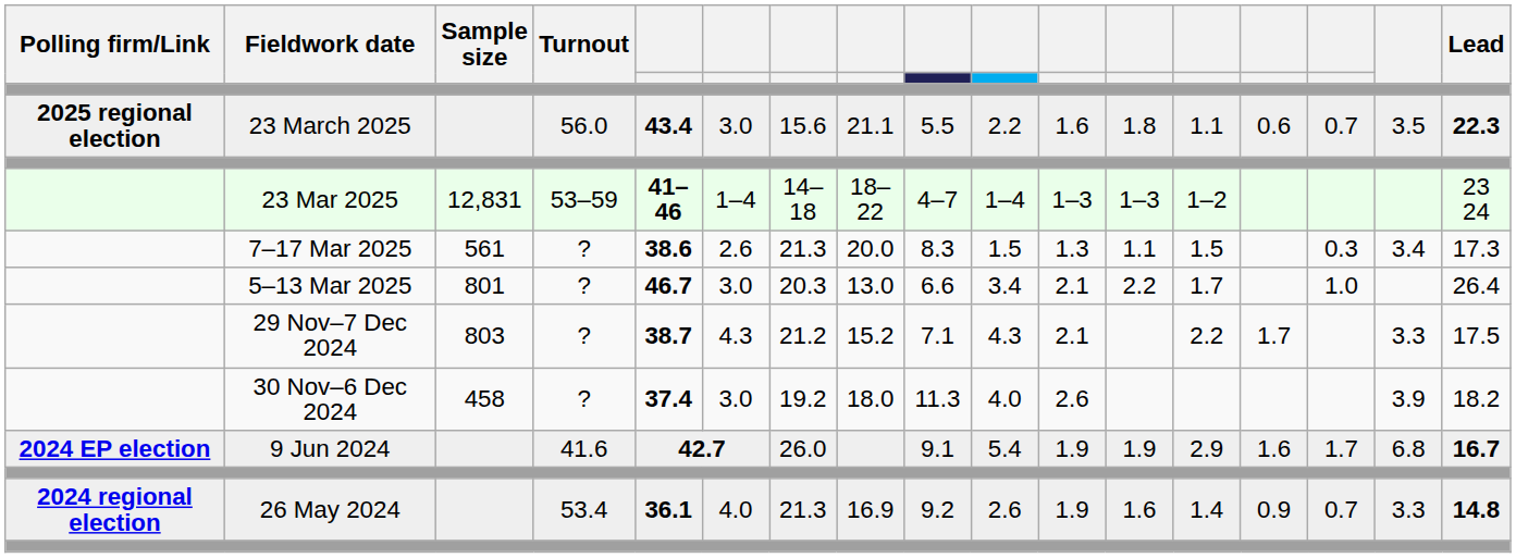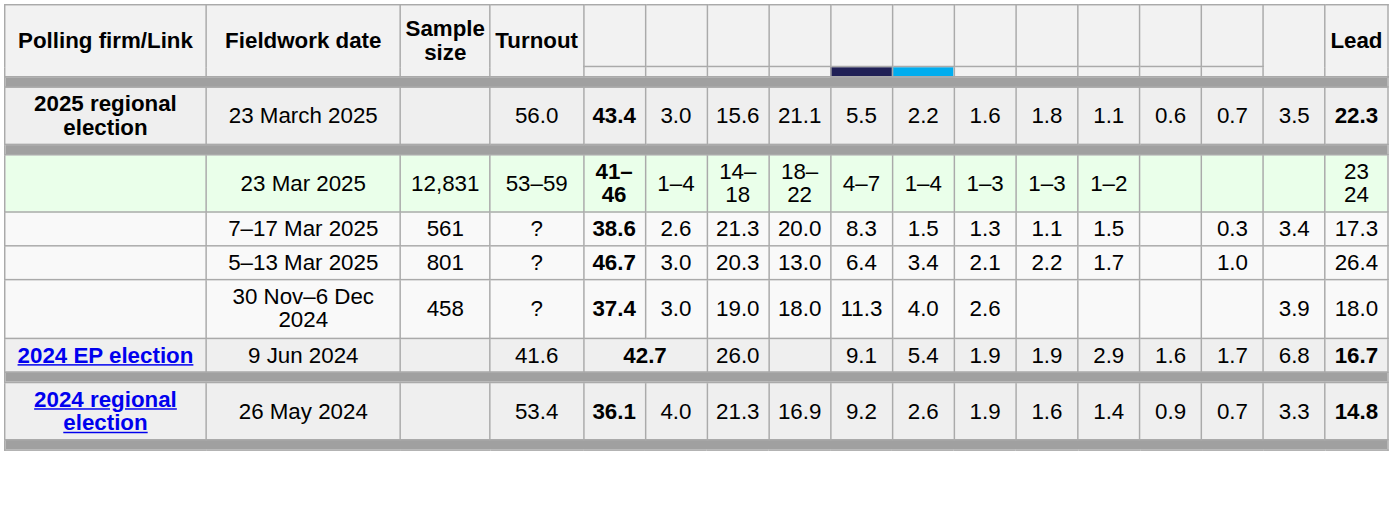 <table class="wikitable collapsible sortable" style="text-align:center; font-size:95%; line-height:16px;">
 <tr style="height:42px;">
 <th rowspan="2" style="width:130px;">Polling firm/Link</th>
 <th rowspan="2" style="width:125px;">Fieldwork date</th>
 <th rowspan="2" class="unsortable" style="width:50px;">Sample size</th>
 <th rowspan="2" class="unsortable" style="width:45px;">Turnout</th>
 <th class="unsortable" style="width:35px;"></th>
 <th class="unsortable" style="width:35px;"></th>
 <th class="unsortable" style="width:35px;"></th>
 <th class="unsortable" style="width:35px;"></th>
 <th class="unsortable" style="width:35px;"></th>
 <th class="unsortable" style="width:35px;"></th>
 <th class="unsortable" style="width:35px;"></th>
 <th class="unsortable" style="width:35px;"></th>
 <th class="unsortable" style="width:35px;"></th>
 <th class="unsortable" style="width:35px;"></th>
 <th class="unsortable" style="width:35px;"></th>
 <th rowspan="2" class="unsortable" style="width:35px;"></th>
 <th rowspan="2" class="unsortable" style="width:30px;">Lead</th>
 </tr>
 <tr>
 <th class="unsortable" style="background:"></th>
 <th class="unsortable" style="background:"></th>
 <th class="unsortable" style="background:"></th>
 <th class="unsortable" style="background:"></th>
 <th class="unsortable" style="background:#202056;"></th>
 <th class="unsortable" style="background:#00ADEF;"></th>
 <th class="unsortable" style="background:"></th>
 <th class="unsortable" style="background:"></th>
 <th class="unsortable" style="background:"></th>
 <th class="unsortable" style="background:"></th>
 <th class="unsortable" style="background:"></th>
 </tr>
 <tr>
 </tr>
 <tr>
 <td colspan="17" style="background:#A0A0A0"></td>
 </tr>
 <tr style="background:#EFEFEF;">
 <td><strong>2025 regional election</strong></td>
 <td data-sort-value="2024-05-26">23 March 2025</td>
 <td></td>
 <td>56.0</td>
 <td><strong>43.4</strong><br></td>
 <td>3.0<br></td>
 <td>15.6<br></td>
 <td>21.1<br></td>
 <td>5.5<br></td>
 <td>2.2<br></td>
 <td>1.6<br></td>
 <td>1.8<br></td>
 <td>1.1<br></td>
 <td>0.6<br></td>
 <td>0.7<br></td>
 <td>3.5<br></td>
 <td style="background:"><strong>22.3</strong></td>
 </tr>
 <tr>
 <td colspan="17" style="background:#A0A0A0"></td>
 </tr>
 <tr style="background:#EAFFEA">
 <td></td>
 <td>23 Mar 2025</td>
 <td>12,831</td>
 <td>53–59</td>
 <td><strong>41–46</strong><br></td>
 <td>1–4<br></td>
 <td>14–18<br></td>
 <td>18–22<br></td>
 <td>4–7<br></td>
 <td>1–4<br></td>
 <td>1–3<br></td>
 <td>1–3<br></td>
 <td>1–2<br></td>
 <td></td>
 <td></td>
 <td></td>
 <td style="background:">23<br>24</td>
 </tr>
 <tr>
 <td></td>
 <td>7–17 Mar 2025</td>
 <td>561</td>
 <td>?</td>
 <td><strong>38.6</strong><br></td>
 <td>2.6<br></td>
 <td>21.3<br></td>
 <td>20.0<br></td>
 <td>8.3<br></td>
 <td>1.5<br></td>
 <td>1.3<br></td>
 <td>1.1<br></td>
 <td>1.5<br></td>
 <td></td>
 <td>0.3<br></td>
 <td>3.4<br></td>
 <td style="background:">17.3</td>
 </tr>
 <tr>
 <td></td>
 <td>5–13 Mar 2025</td>
 <td>801</td>
 <td>?</td>
 <td><strong>46.7</strong><br></td>
 <td>3.0<br></td>
 <td>20.3<br></td>
 <td>13.0<br></td>
-<td>6.6<br></td>
+<td>6.4<br></td>
 <td>3.4<br></td>
 <td>2.1<br></td>
 <td>2.2<br></td>
 <td>1.7<br></td>
 <td></td>
 <td>1.0<br></td>
 <td></td>
 <td style="background:">26.4</td>
 </tr>
 <tr>
 <td></td>
-<td>29 Nov–7 Dec 2024</td>
-<td>803</td>
-<td>?</td>
-<td><strong>38.7</strong><br></td>
-<td>4.3<br></td>
-<td>21.2<br></td>
-<td>15.2<br></td>
-<td>7.1<br></td>
-<td>4.3<br></td>
-<td>2.1<br></td>
-<td></td>
-<td>2.2<br></td>
-<td>1.7<br></td>
-<td></td>
-<td>3.3<br></td>
-<td style="background:">17.5</td>
-</tr>
-<tr>
-<td></td>
 <td>30 Nov–6 Dec 2024</td>
 <td>458</td>
 <td>?</td>
 <td><strong>37.4</strong><br></td>
 <td>3.0<br></td>
-<td>19.2<br></td>
+<td>19.0<br></td>
 <td>18.0<br></td>
 <td>11.3<br></td>
 <td>4.0<br></td>
 <td>2.6<br></td>
 <td></td>
 <td></td>
 <td></td>
 <td></td>
 <td>3.9<br></td>
-<td style="background:">18.2</td>
+<td style="background:">18.0</td>
 </tr>
 <tr style="background:#EFEFEF;">
 <td><a href='#'><strong>2024 EP election</strong></a></td>
 <td>9 Jun 2024</td>
 <td></td>
 <td>41.6</td>
 <td colspan="2" ><strong>42.7</strong><br></td>
 <td>26.0<br></td>
 <td></td>
 <td>9.1<br></td>
 <td>5.4<br></td>
 <td>1.9<br></td>
 <td>1.9<br></td>
 <td>2.9<br></td>
 <td>1.6<br></td>
 <td>1.7<br></td>
 <td>6.8<br></td>
 <td style="background:"><strong>16.7</strong></td>
 </tr>
 <tr>
 <td colspan="17" style="background:#A0A0A0"></td>
 </tr>
 <tr style="background:#EFEFEF;">
 <td><strong><a href='#'>2024 regional election</a></strong></td>
 <td data-sort-value="2024-05-26">26 May 2024</td>
 <td></td>
 <td>53.4</td>
 <td><strong>36.1</strong><br></td>
 <td>4.0<br></td>
 <td>21.3<br></td>
 <td>16.9<br></td>
 <td>9.2<br></td>
 <td>2.6<br></td>
 <td>1.9<br></td>
 <td>1.6<br></td>
 <td>1.4<br></td>
 <td>0.9<br></td>
 <td>0.7<br></td>
 <td>3.3<br></td>
 <td style="background:"><strong>14.8</strong></td>
 </tr>
 <tr>
 <td colspan="17" style="background:#A0A0A0"></td>
 </tr>
 </table>
